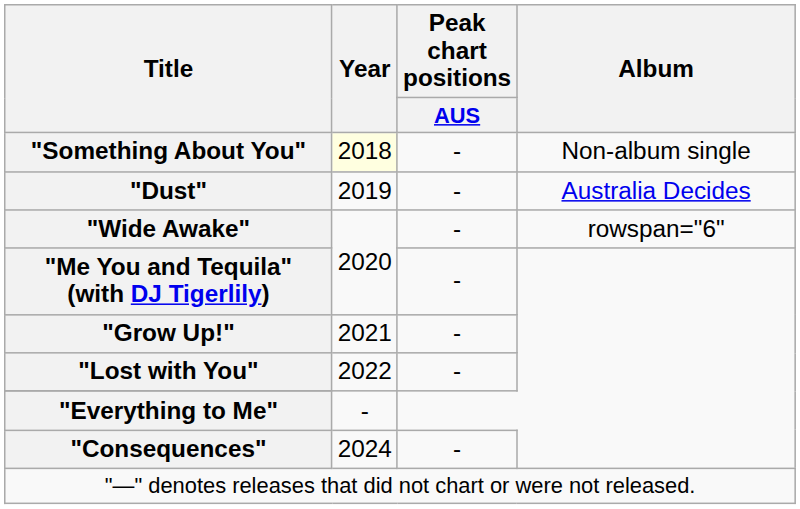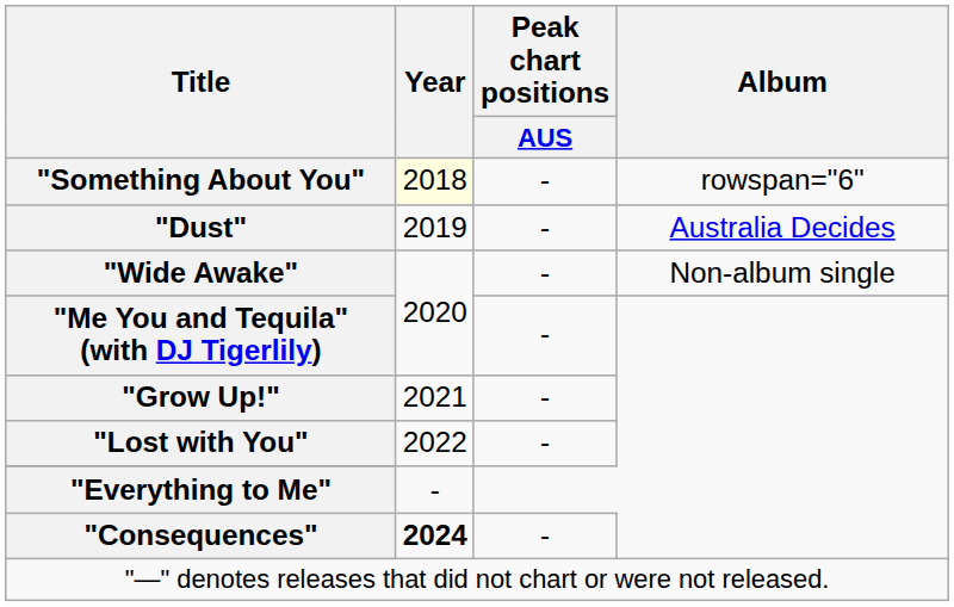 <table class="wikitable plainrowheaders" style="text-align:center;">
 <tr>
 <th scope="col" rowspan="2" style="width:13em;">Title</th>
 <th scope="col" rowspan="2" style="width:1em;">Year</th>
 <th scope="col" colspan="1">Peak chart positions</th>
 <th scope="col" rowspan="2" style="width:11em;">Album</th>
 </tr>
 <tr>
 <th scope="col" style="width:3em;font-size:90%;"><a href='#'>AUS</a></th>
 </tr>
 <tr>
 <th scope="row">"Something About You"</th>
 <td style="background: lightyellow;">2018</td>
 <td>-</td>
-<td>Non-album single</td>
+<td>rowspan="6" </td>
 </tr>
 <tr>
 <th scope="row">"Dust"</th>
 <td>2019</td>
 <td>-</td>
 <td><a href='#'>Australia Decides</a></td>
 </tr>
 <tr>
 <th scope="row">"Wide Awake"</th>
 <td rowspan="2">2020</td>
 <td>-</td>
-<td>rowspan="6" </td>
+<td>Non-album single</td>
 </tr>
 <tr>
 <th scope="row">"Me You and Tequila" <br> (with <a href='#'>DJ Tigerlily</a>)</th>
 <td>-</td>
 </tr>
 <tr>
 <th scope="row">"Grow Up!"</th>
 <td>2021</td>
 <td>-</td>
 </tr>
 <tr>
 <th scope="row">"Lost with You"</th>
 <td rowspan="2">2022</td>
 <td>-</td>
 </tr>
 <tr>
 </tr>
 <tr>
 <th scope="row">"Everything to Me"</th>
 <td>-</td>
 </tr>
 <tr>
 <th scope="row">"Consequences"</th>
-<td>2024</td>
+<td><strong>2024</strong></td>
 <td>-</td>
 </tr>
 <tr>
 <td align="center" colspan="6" style="font-size:90%">"—" denotes releases that did not chart or were not released.</td>
 </tr>
 </table>
